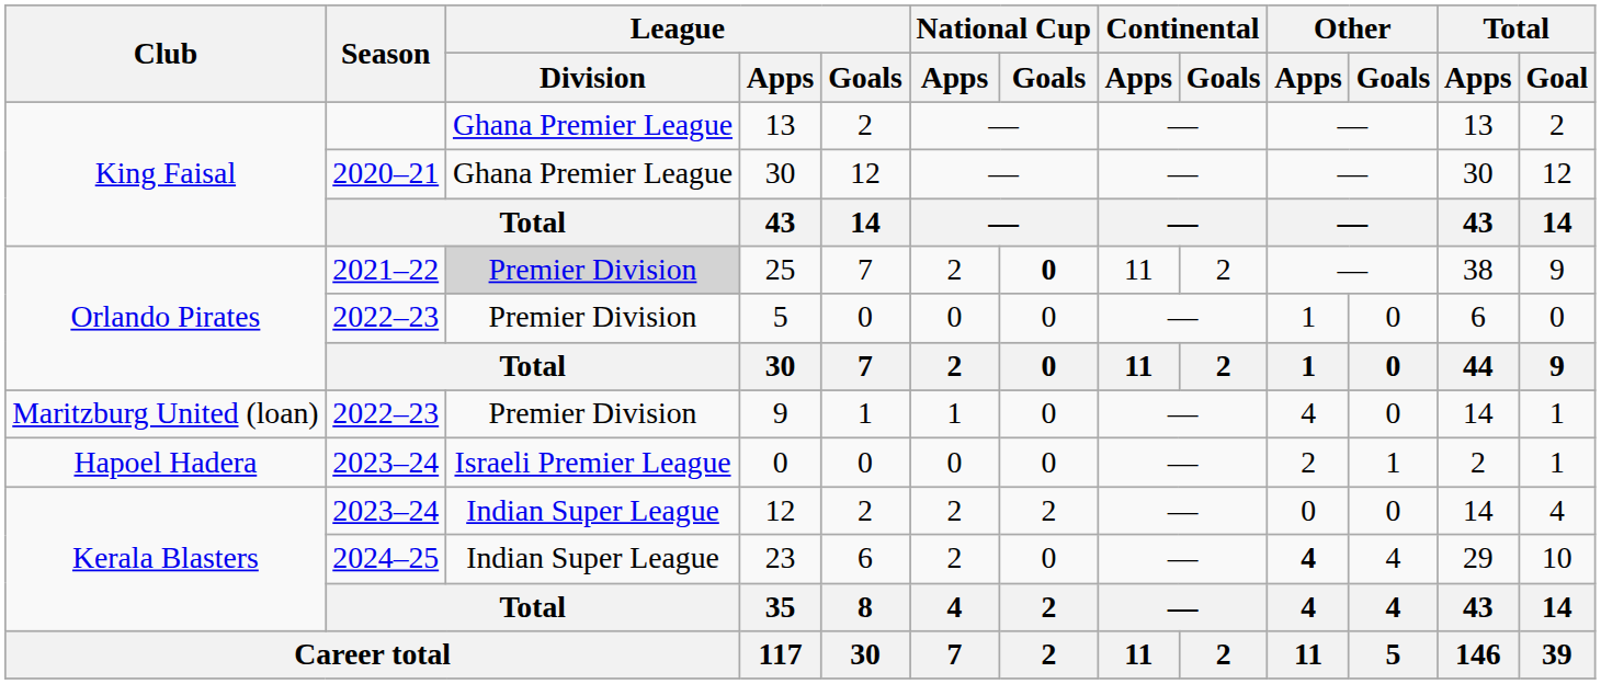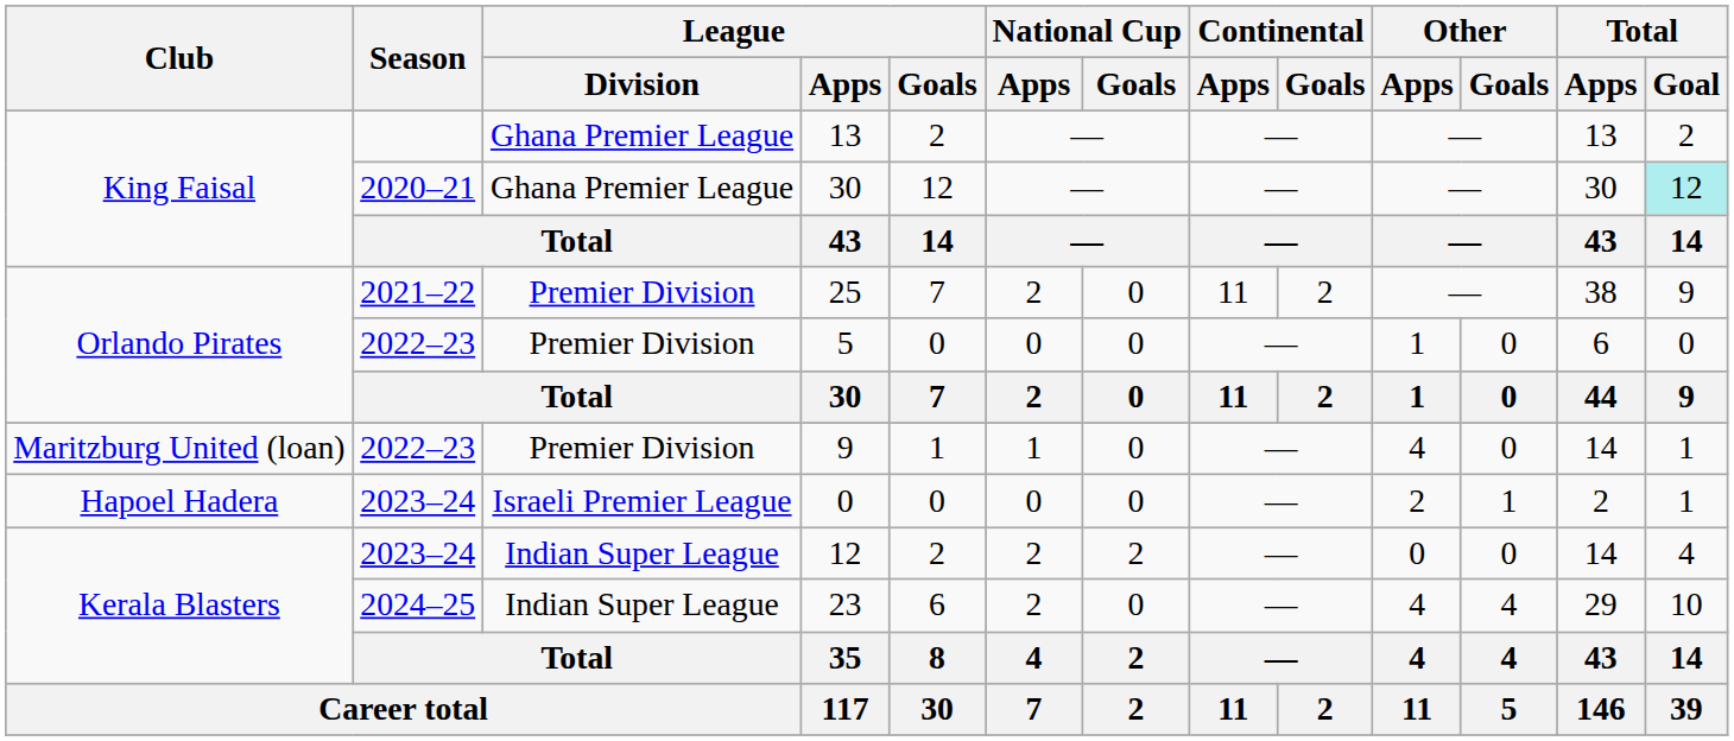 <table class="wikitable" style="text-align: center;">
 <tr>
 <th rowspan="2">Club</th>
 <th rowspan="2">Season</th>
 <th colspan="3">League</th>
 <th colspan="2">National Cup</th>
 <th colspan="2">Continental</th>
 <th colspan="2">Other</th>
 <th colspan="2">Total</th>
 </tr>
 <tr>
 <th>Division</th>
 <th>Apps</th>
 <th>Goals</th>
 <th>Apps</th>
 <th>Goals</th>
 <th>Apps</th>
 <th>Goals</th>
 <th>Apps</th>
 <th>Goals</th>
 <th>Apps</th>
 <th>Goal</th>
 </tr>
 <tr>
 <td rowspan="3"><a href='#'>King Faisal</a></td>
 <td></td>
 <td><a href='#'>Ghana Premier League</a></td>
 <td>13</td>
 <td>2</td>
 <td colspan="2">—</td>
 <td colspan="2">—</td>
 <td colspan="2">—</td>
 <td>13</td>
 <td>2</td>
 </tr>
 <tr>
 <td><a href='#'>2020–21</a></td>
 <td>Ghana Premier League</td>
 <td>30</td>
 <td>12</td>
 <td colspan="2">—</td>
 <td colspan="2">—</td>
 <td colspan="2">—</td>
 <td>30</td>
-<td>12</td>
+<td style="background: paleturquoise;">12</td>
 </tr>
 <tr>
 <th colspan="2">Total</th>
 <th>43</th>
 <th>14</th>
 <th colspan="2">—</th>
 <th colspan="2">—</th>
 <th colspan="2">—</th>
 <th>43</th>
 <th>14</th>
 </tr>
 <tr>
 <td rowspan="3"><a href='#'>Orlando Pirates</a></td>
 <td><a href='#'>2021–22</a></td>
-<td style="background: lightgrey;"><a href='#'>Premier Division</a></td>
+<td><a href='#'>Premier Division</a></td>
 <td>25</td>
 <td>7</td>
 <td>2</td>
-<td><strong>0</strong></td>
+<td>0</td>
 <td>11</td>
 <td>2</td>
 <td colspan="2">—</td>
 <td>38</td>
 <td>9</td>
 </tr>
 <tr>
 <td><a href='#'>2022–23</a></td>
 <td>Premier Division</td>
 <td>5</td>
 <td>0</td>
 <td>0</td>
 <td>0</td>
 <td colspan="2">—</td>
 <td>1</td>
 <td>0</td>
 <td>6</td>
 <td>0</td>
 </tr>
 <tr>
 <th colspan="2">Total</th>
 <th>30</th>
 <th>7</th>
 <th>2</th>
 <th>0</th>
 <th>11</th>
 <th>2</th>
 <th>1</th>
 <th>0</th>
 <th>44</th>
 <th>9</th>
 </tr>
 <tr>
 <td><a href='#'>Maritzburg United</a> (loan)</td>
 <td><a href='#'>2022–23</a></td>
 <td>Premier Division</td>
 <td>9</td>
 <td>1</td>
 <td>1</td>
 <td>0</td>
 <td colspan="2">—</td>
 <td>4</td>
 <td>0</td>
 <td>14</td>
 <td>1</td>
 </tr>
 <tr>
 <td><a href='#'>Hapoel Hadera</a></td>
 <td><a href='#'>2023–24</a></td>
 <td><a href='#'>Israeli Premier League</a></td>
 <td>0</td>
 <td>0</td>
 <td>0</td>
 <td>0</td>
 <td colspan="2">—</td>
 <td>2</td>
 <td>1</td>
 <td>2</td>
 <td>1</td>
 </tr>
 <tr>
 <td rowspan="3"><a href='#'>Kerala Blasters</a></td>
 <td><a href='#'>2023–24</a></td>
 <td><a href='#'>Indian Super League</a></td>
 <td>12</td>
 <td>2</td>
 <td>2</td>
 <td>2</td>
 <td colspan="2">—</td>
 <td>0</td>
 <td>0</td>
 <td>14</td>
 <td>4</td>
 </tr>
 <tr>
 <td><a href='#'>2024–25</a></td>
 <td>Indian Super League</td>
 <td>23</td>
 <td>6</td>
 <td>2</td>
 <td>0</td>
 <td colspan="2">—</td>
-<td><strong>4</strong></td>
+<td>4</td>
 <td>4</td>
 <td>29</td>
 <td>10</td>
 </tr>
 <tr>
 <th colspan="2">Total</th>
 <th>35</th>
 <th>8</th>
 <th>4</th>
 <th>2</th>
 <th colspan="2">—</th>
 <th>4</th>
 <th>4</th>
 <th>43</th>
 <th>14</th>
 </tr>
 <tr>
 <th colspan="3">Career total</th>
 <th>117</th>
 <th>30</th>
 <th>7</th>
 <th>2</th>
 <th>11</th>
 <th>2</th>
 <th>11</th>
 <th>5</th>
 <th>146</th>
 <th>39</th>
 </tr>
 </table>
